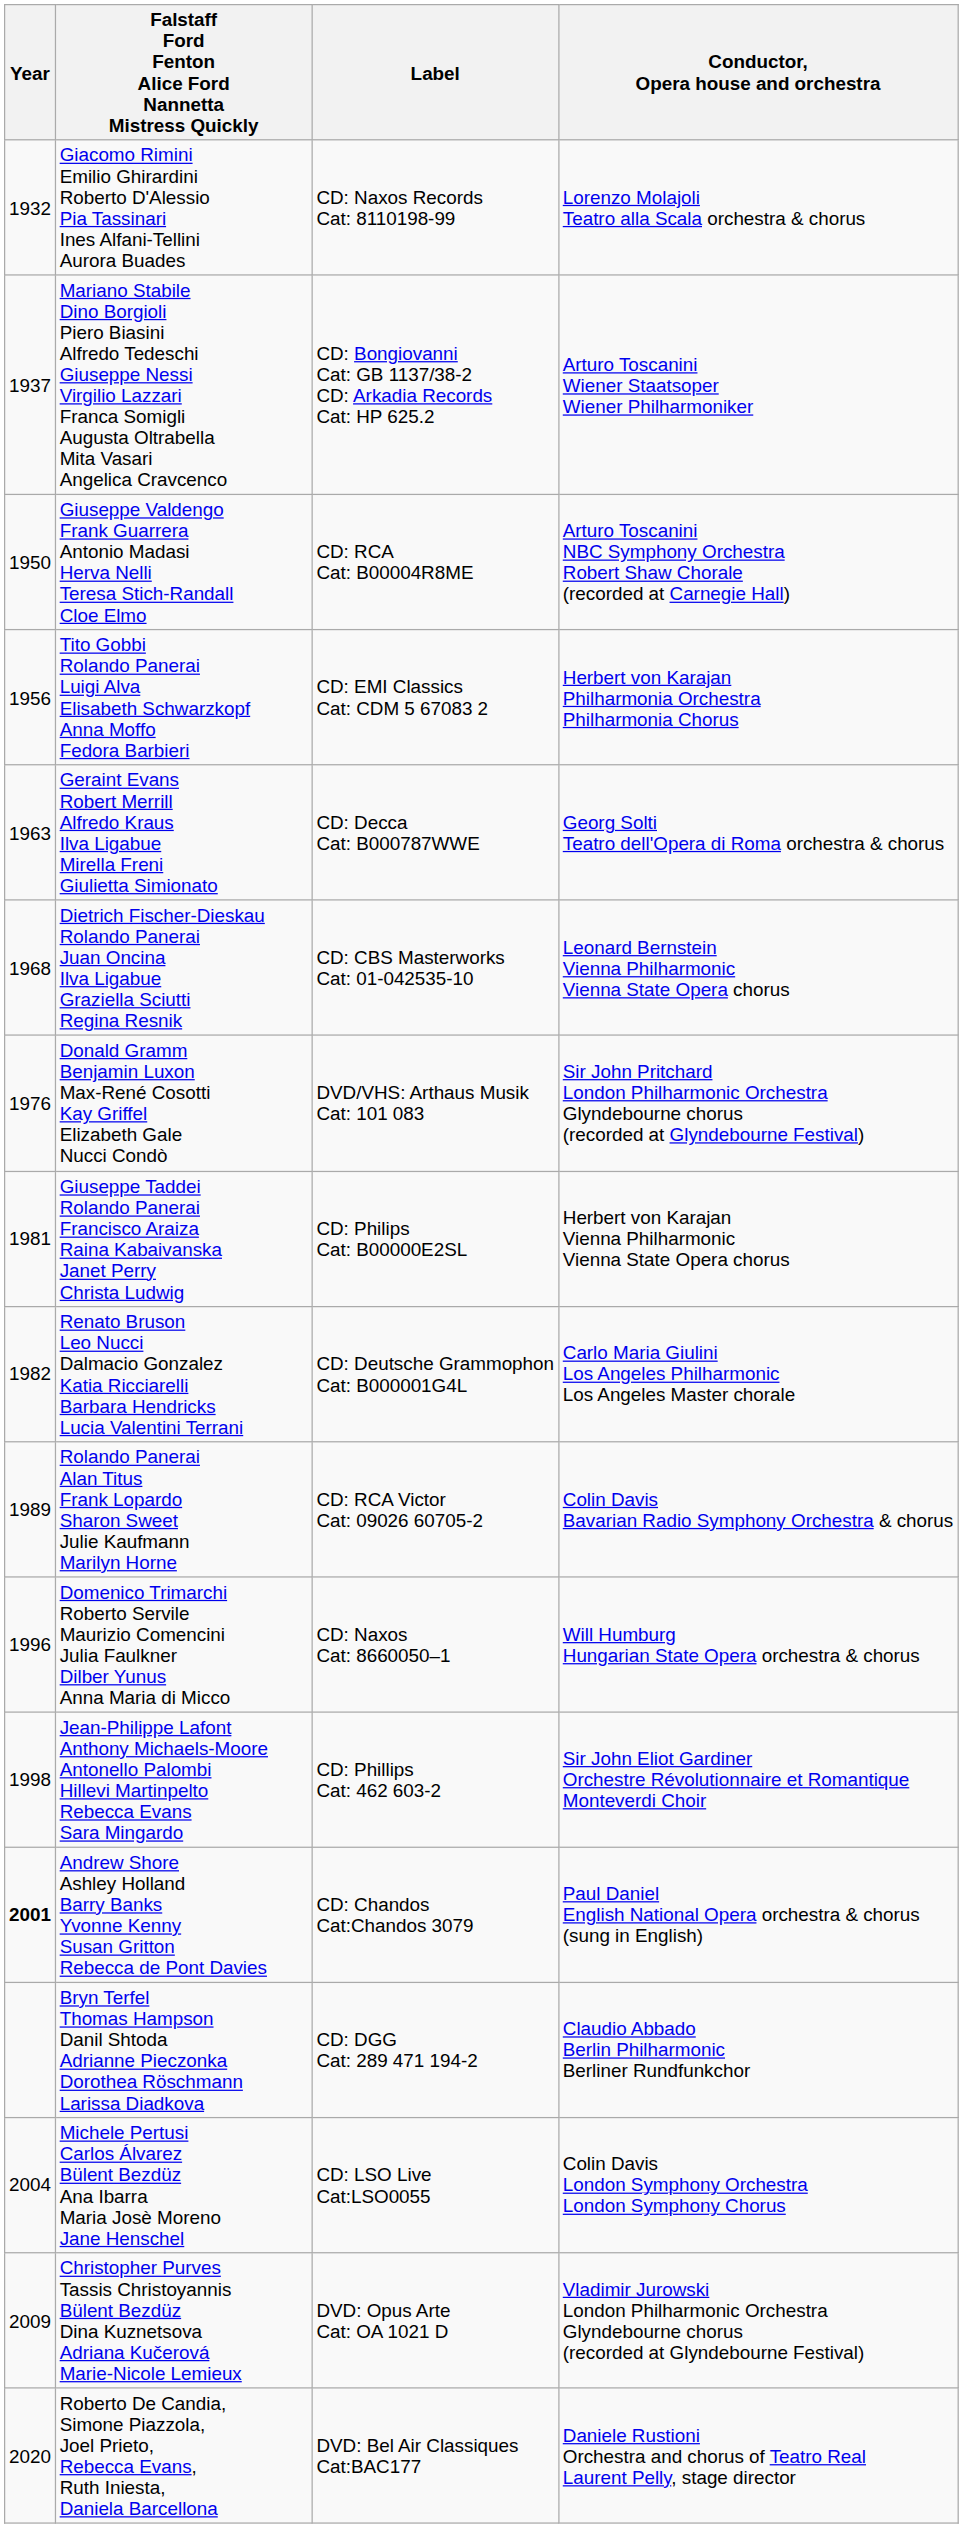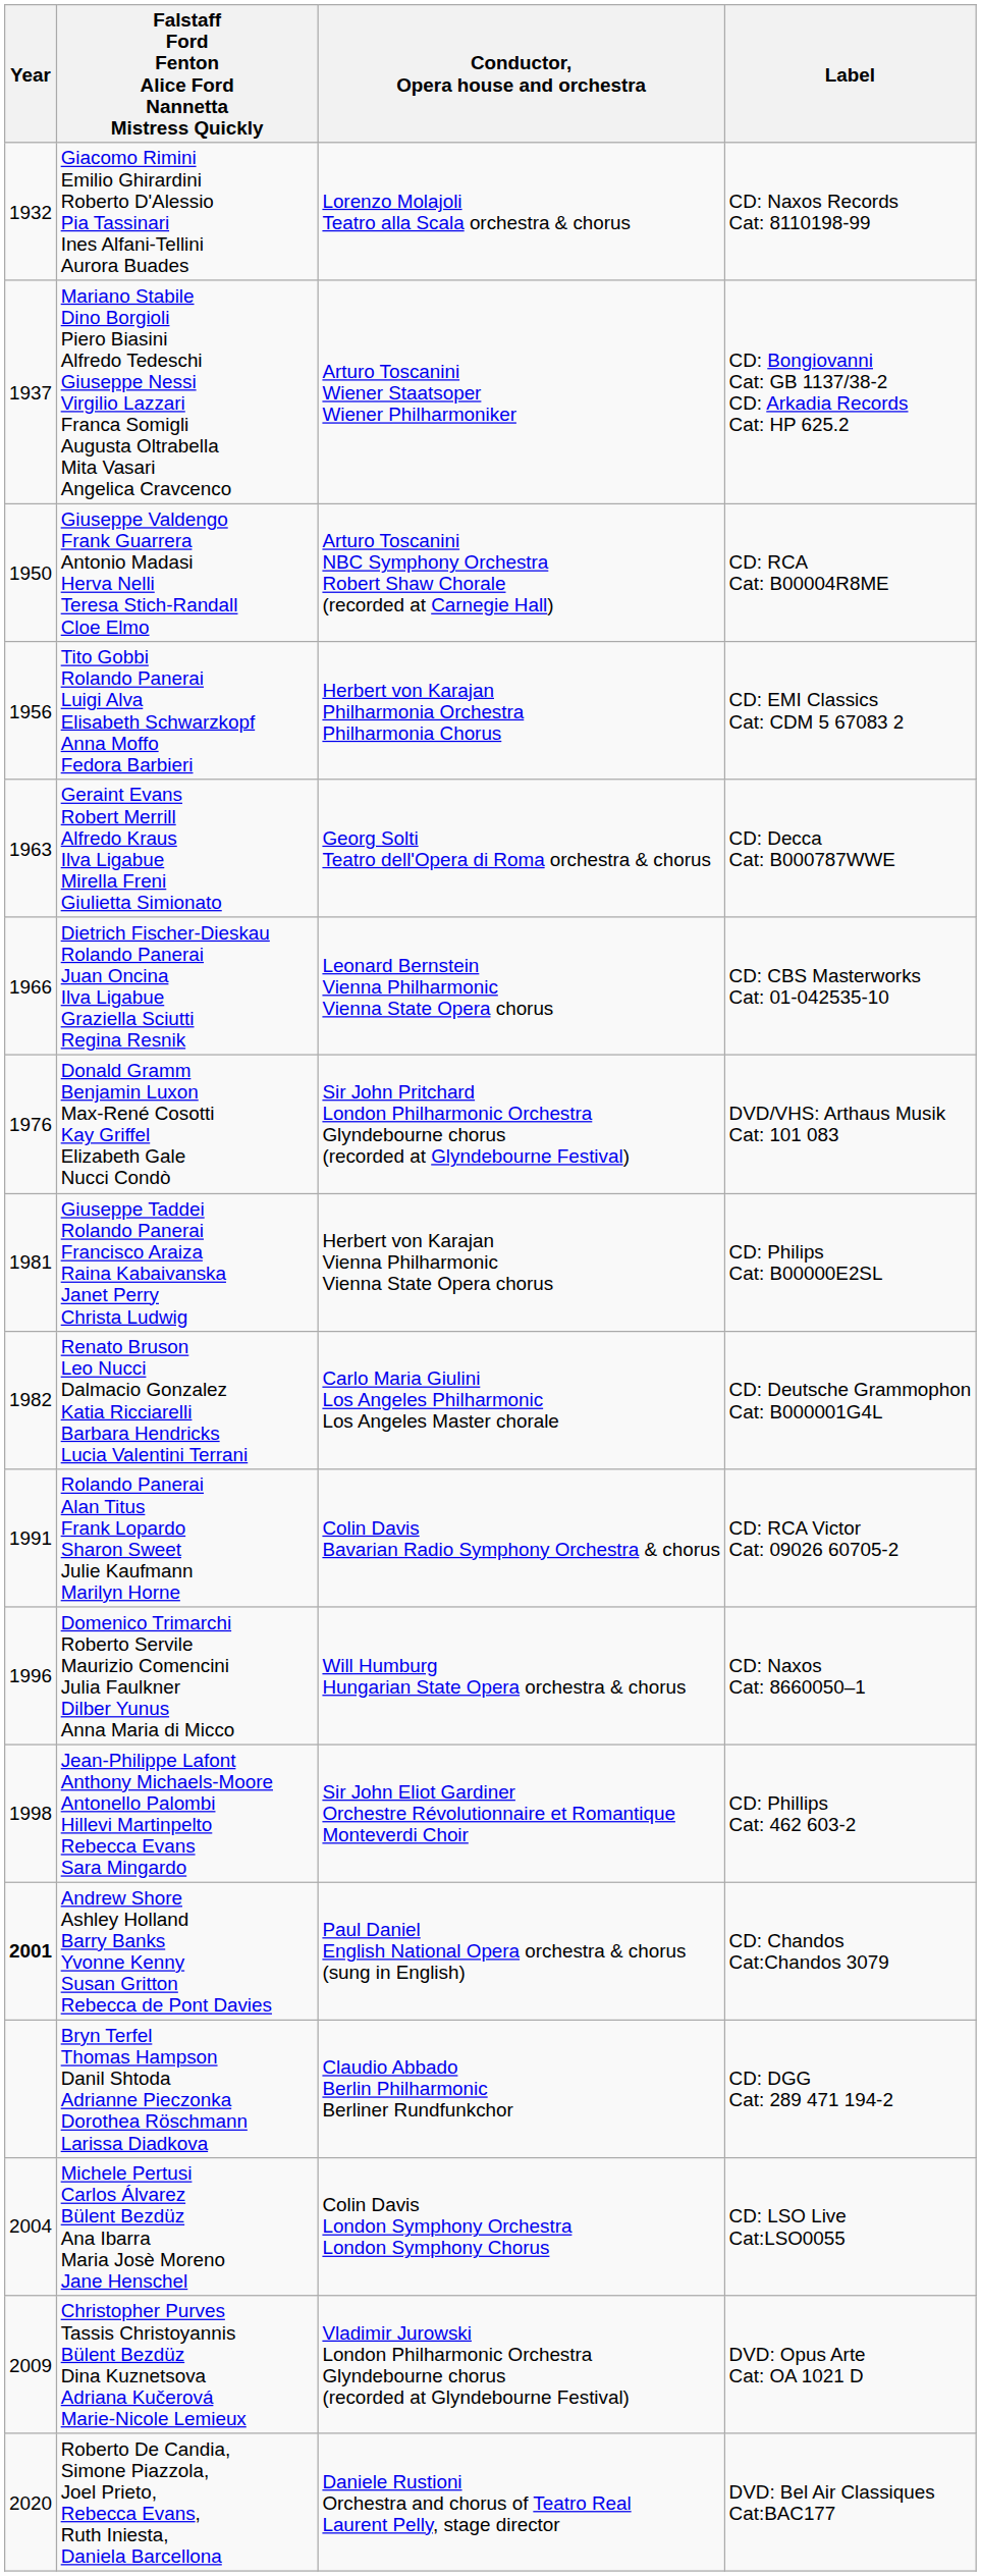 <table class="wikitable" style="font-size:95%;">
 <tr>
 <th>Year</th>
 <th width="200">Falstaff<br>Ford<br>Fenton<br>Alice Ford<br>Nannetta<br>Mistress Quickly</th>
+<th>Conductor,<br>Opera house and orchestra</th>
 <th>Label</th>
-<th>Conductor,<br>Opera house and orchestra</th>
 </tr>
 <tr>
 <td>1932</td>
 <td><a href='#'>Giacomo Rimini</a><br>Emilio Ghirardini<br>Roberto D'Alessio<br><a href='#'>Pia Tassinari</a><br> Ines Alfani-Tellini<br>Aurora Buades</td>
+<td><a href='#'>Lorenzo Molajoli</a><br><a href='#'>Teatro alla Scala</a> orchestra & chorus</td>
 <td>CD: Naxos Records<br>Cat: 8110198-99</td>
-<td><a href='#'>Lorenzo Molajoli</a><br><a href='#'>Teatro alla Scala</a> orchestra & chorus</td>
 </tr>
 <tr>
 <td>1937</td>
 <td><a href='#'>Mariano Stabile</a><br><a href='#'>Dino Borgioli</a><br>Piero Biasini<br>Alfredo Tedeschi<br><a href='#'>Giuseppe Nessi</a><br><a href='#'>Virgilio Lazzari</a><br>Franca Somigli<br>Augusta Oltrabella<br>Mita Vasari<br>Angelica Cravcenco</td>
+<td><a href='#'>Arturo Toscanini</a><br><a href='#'>Wiener Staatsoper</a><br><a href='#'>Wiener Philharmoniker</a></td>
 <td>CD: <a href='#'>Bongiovanni</a><br>Cat: GB 1137/38-2<br>CD: <a href='#'>Arkadia Records</a><br>Cat: HP 625.2</td>
-<td><a href='#'>Arturo Toscanini</a><br><a href='#'>Wiener Staatsoper</a><br><a href='#'>Wiener Philharmoniker</a></td>
 </tr>
 <tr>
 <td>1950</td>
 <td><a href='#'>Giuseppe Valdengo</a><br><a href='#'>Frank Guarrera</a><br>Antonio Madasi<br><a href='#'>Herva Nelli</a><br><a href='#'>Teresa Stich-Randall</a><br><a href='#'>Cloe Elmo</a></td>
+<td><a href='#'>Arturo Toscanini</a><br><a href='#'>NBC Symphony Orchestra</a><br><a href='#'>Robert Shaw Chorale</a><br>(recorded at <a href='#'>Carnegie Hall</a>)</td>
 <td>CD: RCA<br>Cat: B00004R8ME</td>
-<td><a href='#'>Arturo Toscanini</a><br><a href='#'>NBC Symphony Orchestra</a><br><a href='#'>Robert Shaw Chorale</a><br>(recorded at <a href='#'>Carnegie Hall</a>)</td>
 </tr>
 <tr>
 <td>1956</td>
 <td><a href='#'>Tito Gobbi</a><br><a href='#'>Rolando Panerai</a><br><a href='#'>Luigi Alva</a><br><a href='#'>Elisabeth Schwarzkopf</a><br><a href='#'>Anna Moffo</a><br><a href='#'>Fedora Barbieri</a></td>
+<td><a href='#'>Herbert von Karajan</a><br><a href='#'>Philharmonia Orchestra</a><br><a href='#'>Philharmonia Chorus</a></td>
 <td>CD: EMI Classics<br>Cat: CDM 5 67083 2</td>
-<td><a href='#'>Herbert von Karajan</a><br><a href='#'>Philharmonia Orchestra</a><br><a href='#'>Philharmonia Chorus</a></td>
 </tr>
 <tr>
 <td>1963</td>
 <td><a href='#'>Geraint Evans</a><br><a href='#'>Robert Merrill</a><br><a href='#'>Alfredo Kraus</a><br><a href='#'>Ilva Ligabue</a><br><a href='#'>Mirella Freni</a><br><a href='#'>Giulietta Simionato</a></td>
+<td><a href='#'>Georg Solti</a><br><a href='#'>Teatro dell'Opera di Roma</a> orchestra & chorus</td>
 <td>CD: Decca<br>Cat: B000787WWE</td>
-<td><a href='#'>Georg Solti</a><br><a href='#'>Teatro dell'Opera di Roma</a> orchestra & chorus</td>
 </tr>
 <tr>
-<td>1968</td>
+<td>1966</td>
 <td><a href='#'>Dietrich Fischer-Dieskau</a><br><a href='#'>Rolando Panerai</a><br><a href='#'>Juan Oncina</a><br><a href='#'>Ilva Ligabue</a><br><a href='#'>Graziella Sciutti</a><br><a href='#'>Regina Resnik</a></td>
+<td><a href='#'>Leonard Bernstein</a><br><a href='#'>Vienna Philharmonic</a><br><a href='#'>Vienna State Opera</a> chorus</td>
 <td>CD: CBS Masterworks<br>Cat: 01-042535-10</td>
-<td><a href='#'>Leonard Bernstein</a><br><a href='#'>Vienna Philharmonic</a><br><a href='#'>Vienna State Opera</a> chorus</td>
 </tr>
 <tr>
 <td>1976</td>
 <td><a href='#'>Donald Gramm</a><br><a href='#'>Benjamin Luxon</a><br>Max-René Cosotti<br><a href='#'>Kay Griffel</a><br>Elizabeth Gale<br>Nucci Condò</td>
+<td><a href='#'>Sir John Pritchard</a><br><a href='#'>London Philharmonic Orchestra</a><br>Glyndebourne chorus<br>(recorded at <a href='#'>Glyndebourne Festival</a>)</td>
 <td>DVD/VHS: Arthaus Musik<br>Cat: 101 083</td>
-<td><a href='#'>Sir John Pritchard</a><br><a href='#'>London Philharmonic Orchestra</a><br>Glyndebourne chorus<br>(recorded at <a href='#'>Glyndebourne Festival</a>)</td>
 </tr>
 <tr>
 <td>1981</td>
 <td><a href='#'>Giuseppe Taddei</a><br><a href='#'>Rolando Panerai</a><br><a href='#'>Francisco Araiza</a><br><a href='#'>Raina Kabaivanska</a><br><a href='#'>Janet Perry</a> <br><a href='#'>Christa Ludwig</a></td>
+<td>Herbert von Karajan<br>Vienna Philharmonic<br>Vienna State Opera chorus</td>
 <td>CD: Philips<br>Cat: B00000E2SL</td>
-<td>Herbert von Karajan<br>Vienna Philharmonic<br>Vienna State Opera chorus</td>
 </tr>
 <tr>
 <td>1982</td>
 <td><a href='#'>Renato Bruson</a><br><a href='#'>Leo Nucci</a><br>Dalmacio Gonzalez<br><a href='#'>Katia Ricciarelli</a><br><a href='#'>Barbara Hendricks</a><br><a href='#'>Lucia Valentini Terrani</a></td>
+<td><a href='#'>Carlo Maria Giulini</a><br><a href='#'>Los Angeles Philharmonic</a><br>Los Angeles Master chorale</td>
 <td>CD: Deutsche Grammophon<br>Cat: B000001G4L</td>
-<td><a href='#'>Carlo Maria Giulini</a><br><a href='#'>Los Angeles Philharmonic</a><br>Los Angeles Master chorale</td>
 </tr>
 <tr>
-<td>1989</td>
+<td>1991</td>
 <td><a href='#'>Rolando Panerai</a><br><a href='#'>Alan Titus</a><br><a href='#'>Frank Lopardo</a><br><a href='#'>Sharon Sweet</a><br>Julie Kaufmann<br><a href='#'>Marilyn Horne</a></td>
+<td><a href='#'>Colin Davis</a><br><a href='#'>Bavarian Radio Symphony Orchestra</a> & chorus</td>
 <td>CD: RCA Victor<br>Cat: 09026 60705-2</td>
-<td><a href='#'>Colin Davis</a><br><a href='#'>Bavarian Radio Symphony Orchestra</a> & chorus</td>
 </tr>
 <tr>
 <td>1996</td>
 <td><a href='#'>Domenico Trimarchi</a><br>Roberto Servile<br>Maurizio Comencini<br>Julia Faulkner<br><a href='#'>Dilber Yunus</a><br> Anna Maria di Micco</td>
+<td><a href='#'>Will Humburg</a><br><a href='#'>Hungarian State Opera</a> orchestra & chorus</td>
 <td>CD: Naxos<br>Cat: 8660050–1</td>
-<td><a href='#'>Will Humburg</a><br><a href='#'>Hungarian State Opera</a> orchestra & chorus</td>
 </tr>
 <tr>
 <td>1998</td>
 <td><a href='#'>Jean-Philippe Lafont</a><br><a href='#'>Anthony Michaels-Moore</a><br><a href='#'>Antonello Palombi</a><br><a href='#'>Hillevi Martinpelto</a><br><a href='#'>Rebecca Evans</a><br><a href='#'>Sara Mingardo</a></td>
+<td><a href='#'>Sir John Eliot Gardiner</a><br><a href='#'>Orchestre Révolutionnaire et Romantique</a><br><a href='#'>Monteverdi Choir</a></td>
 <td>CD: Phillips<br>Cat: 462 603-2</td>
-<td><a href='#'>Sir John Eliot Gardiner</a><br><a href='#'>Orchestre Révolutionnaire et Romantique</a><br><a href='#'>Monteverdi Choir</a></td>
 </tr>
 <tr>
 <td><strong>2001</strong></td>
 <td><a href='#'>Andrew Shore</a><br>Ashley Holland<br><a href='#'>Barry Banks</a><br><a href='#'>Yvonne Kenny</a><br><a href='#'>Susan Gritton</a><br><a href='#'>Rebecca de Pont Davies</a></td>
+<td><a href='#'>Paul Daniel</a><br><a href='#'>English National Opera</a> orchestra & chorus<br>(sung in English)</td>
 <td>CD: Chandos<br>Cat:Chandos 3079</td>
-<td><a href='#'>Paul Daniel</a><br><a href='#'>English National Opera</a> orchestra & chorus<br>(sung in English)</td>
 </tr>
 <tr>
 <td></td>
 <td><a href='#'>Bryn Terfel</a><br><a href='#'>Thomas Hampson</a><br>Danil Shtoda<br><a href='#'>Adrianne Pieczonka</a><br><a href='#'>Dorothea Röschmann</a><br><a href='#'>Larissa Diadkova</a></td>
+<td><a href='#'>Claudio Abbado</a><br><a href='#'>Berlin Philharmonic</a><br>Berliner Rundfunkchor</td>
 <td>CD: DGG<br>Cat: 289 471 194-2</td>
-<td><a href='#'>Claudio Abbado</a><br><a href='#'>Berlin Philharmonic</a><br>Berliner Rundfunkchor</td>
 </tr>
 <tr>
 <td>2004</td>
 <td><a href='#'>Michele Pertusi</a><br><a href='#'>Carlos Álvarez</a><br><a href='#'>Bülent Bezdüz</a><br>Ana Ibarra<br>Maria Josè Moreno<br><a href='#'>Jane Henschel</a></td>
+<td>Colin Davis<br><a href='#'>London Symphony Orchestra</a><br><a href='#'>London Symphony Chorus</a></td>
 <td>CD: LSO Live<br>Cat:LSO0055</td>
-<td>Colin Davis<br><a href='#'>London Symphony Orchestra</a><br><a href='#'>London Symphony Chorus</a></td>
 </tr>
 <tr>
 <td>2009</td>
 <td><a href='#'>Christopher Purves</a><br>Tassis Christoyannis<br><a href='#'>Bülent Bezdüz</a><br>Dina Kuznetsova<br><a href='#'>Adriana Kučerová</a><br><a href='#'>Marie-Nicole Lemieux</a></td>
+<td><a href='#'>Vladimir Jurowski</a><br>London Philharmonic Orchestra<br>Glyndebourne chorus<br>(recorded at Glyndebourne Festival)</td>
 <td>DVD: Opus Arte<br>Cat: OA 1021 D</td>
-<td><a href='#'>Vladimir Jurowski</a><br>London Philharmonic Orchestra<br>Glyndebourne chorus<br>(recorded at Glyndebourne Festival)</td>
 </tr>
 <tr>
 <td>2020</td>
 <td>Roberto De Candia, <br>Simone Piazzola,<br>Joel Prieto,<br><a href='#'>Rebecca Evans</a>, <br> Ruth Iniesta, <br><a href='#'>Daniela Barcellona</a></td>
+<td><a href='#'>Daniele Rustioni</a><br>Orchestra and chorus of <a href='#'>Teatro Real</a><br> <a href='#'>Laurent Pelly</a>, stage director</td>
 <td>DVD: Bel Air Classiques<br> Cat:BAC177</td>
-<td><a href='#'>Daniele Rustioni</a><br>Orchestra and chorus of <a href='#'>Teatro Real</a><br> <a href='#'>Laurent Pelly</a>, stage director</td>
 </tr>
 </table>
